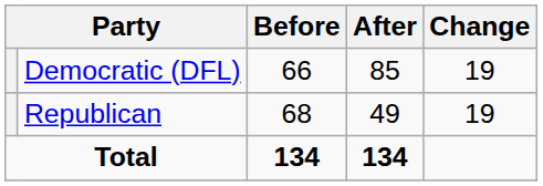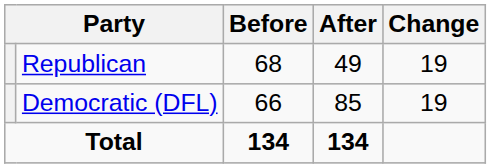 <table class="wikitable" style="text-align:center;">
 <tr>
 <th colspan="2">Party</th>
 <th>Before</th>
 <th>After</th>
 <th>Change</th>
 </tr>
 <tr>
 <th style="background-color:"></th>
-<td style="text-align:left;"><a href='#'>Democratic (DFL)</a></td>
-<td>66</td>
-<td>85</td>
+<td style="text-align:left;"><a href='#'>Republican</a></td>
+<td>68</td>
+<td>49</td>
 <td> 19</td>
 </tr>
 <tr>
 <th style="background-color:"></th>
-<td style="text-align:left;"><a href='#'>Republican</a></td>
-<td>68</td>
-<td>49</td>
+<td style="text-align:left;"><a href='#'>Democratic (DFL)</a></td>
+<td>66</td>
+<td>85</td>
 <td> 19</td>
 </tr>
 <tr>
 <td colspan="2"><strong>Total</strong></td>
 <td><strong>134</strong></td>
 <td><strong>134</strong></td>
 <td></td>
 </tr>
 </table>
